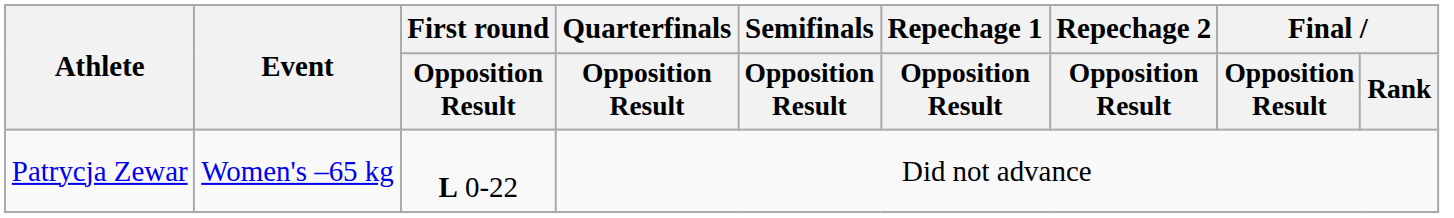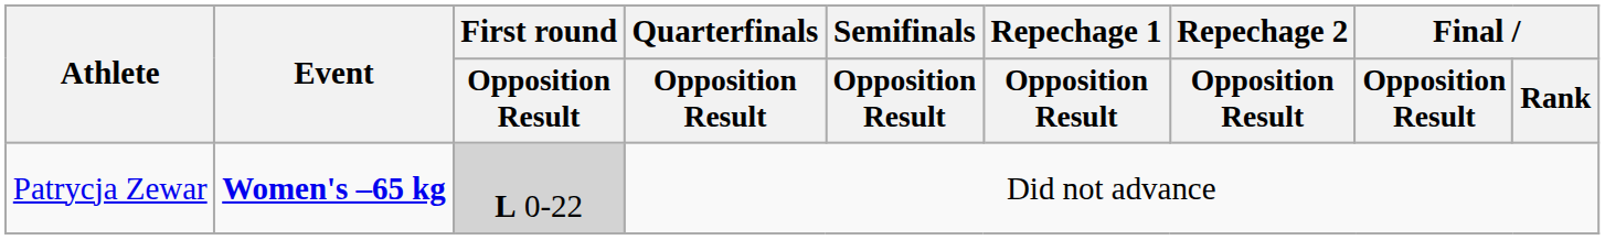 <table class="wikitable" style="font-size:90%;">
 <tr>
 <th rowspan=2>Athlete</th>
 <th rowspan=2>Event</th>
 <th>First round</th>
 <th>Quarterfinals</th>
 <th>Semifinals</th>
 <th>Repechage 1</th>
 <th>Repechage 2</th>
 <th colspan=2>Final / </th>
 </tr>
 <tr style="font-size:95%">
 <th>Opposition<br>Result</th>
 <th>Opposition<br>Result</th>
 <th>Opposition<br>Result</th>
 <th>Opposition<br>Result</th>
 <th>Opposition<br>Result</th>
 <th>Opposition<br>Result</th>
 <th>Rank</th>
 </tr>
 <tr align=center>
 <td align=left><a href='#'>Patrycja Zewar</a></td>
-<td align=left><a href='#'>Women's –65 kg</a></td>
-<td><br><strong>L</strong> 0-22</td>
+<td align=left><strong><a href='#'>Women's –65 kg</a></strong></td>
+<td style="background: lightgrey;"><br><strong>L</strong> 0-22</td>
 <td colspan=6>Did not advance</td>
 </tr>
 </table>
